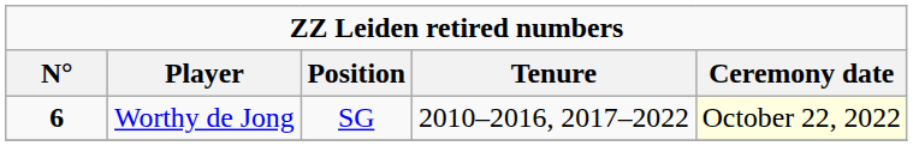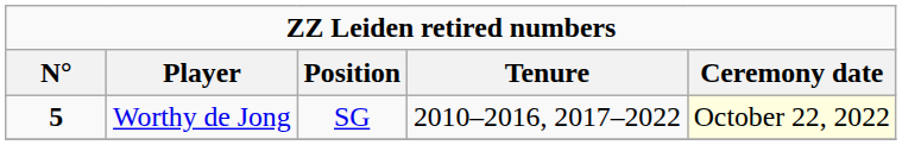 <table class="wikitable sortable" style="text-align:center">
 <tr>
 <td colspan="5"><strong>ZZ Leiden retired numbers</strong></td>
 </tr>
 <tr>
 <th>N°</th>
 <th>Player</th>
 <th>Position</th>
 <th>Tenure</th>
 <th>Ceremony date</th>
 </tr>
 <tr>
-<td width=50><strong>6</strong></td>
+<td width=50><strong>5</strong></td>
 <td><a href='#'>Worthy de Jong</a></td>
 <td><a href='#'>SG</a></td>
 <td>2010–2016, 2017–2022</td>
 <td style="background: lightyellow;">October 22, 2022</td>
 </tr>
 <tr>
 </tr>
 </table>
